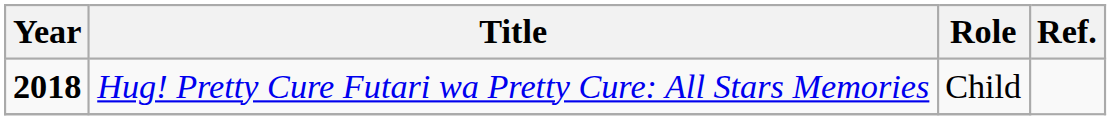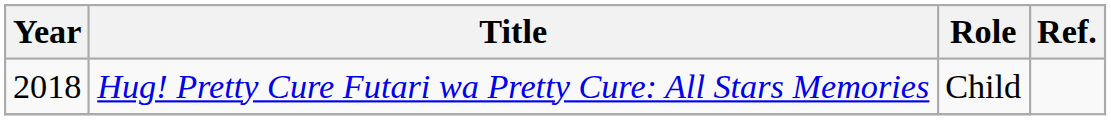 <table class="wikitable">
 <tr>
 <th>Year</th>
 <th>Title</th>
 <th>Role</th>
 <th>Ref.</th>
 </tr>
 <tr>
-<td><strong>2018</strong></td>
+<td>2018</td>
 <td><em><a href='#'>Hug! Pretty Cure Futari wa Pretty Cure: All Stars Memories</a></em></td>
 <td>Child</td>
 </tr>
 <tr>
 </tr>
 </table>
